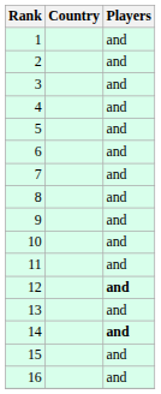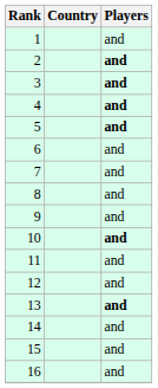 <table class="wikitable">
 <tr>
 <th>Rank</th>
 <th>Country</th>
 <th>Players</th>
 </tr>
 <tr style="background:#d8ffeb;">
 <td align=right>1</td>
 <td></td>
 <td> and </td>
 </tr>
 <tr style="background:#d8ffeb;">
 <td align=right>2</td>
 <td></td>
-<td> and </td>
+<td><strong> and </strong></td>
 </tr>
 <tr style="background:#d8ffeb;">
 <td align=right>3</td>
 <td></td>
-<td> and </td>
+<td><strong> and </strong></td>
 </tr>
 <tr style="background:#d8ffeb;">
 <td align=right>4</td>
 <td></td>
-<td> and </td>
+<td><strong> and </strong></td>
 </tr>
 <tr style="background:#d8ffeb;">
 <td align=right>5</td>
 <td></td>
-<td> and </td>
+<td><strong> and </strong></td>
 </tr>
 <tr style="background:#d8ffeb;">
 <td align=right>6</td>
 <td></td>
 <td> and </td>
 </tr>
 <tr style="background:#d8ffeb;">
 <td align=right>7</td>
 <td></td>
 <td> and </td>
 </tr>
 <tr style="background:#d8ffeb;">
 <td align=right>8</td>
 <td></td>
 <td> and </td>
 </tr>
 <tr style="background:#d8ffeb;">
 <td align=right>9</td>
 <td></td>
 <td> and </td>
 </tr>
 <tr style="background:#d8ffeb;">
 <td align=right>10</td>
 <td></td>
-<td> and </td>
+<td><strong> and </strong></td>
 </tr>
 <tr style="background:#d8ffeb;">
 <td align=right>11</td>
 <td></td>
 <td> and </td>
 </tr>
 <tr style="background:#d8ffeb;">
 <td align=right>12</td>
 <td></td>
-<td><strong> and </strong></td>
+<td> and </td>
 </tr>
 <tr style="background:#d8ffeb;">
 <td align=right>13</td>
 <td></td>
-<td> and </td>
+<td><strong> and </strong></td>
 </tr>
 <tr style="background:#d8ffeb;">
 <td align=right>14</td>
 <td></td>
-<td><strong> and </strong></td>
+<td> and </td>
 </tr>
 <tr style="background:#d8ffeb;">
 <td align=right>15</td>
 <td></td>
 <td> and </td>
 </tr>
 <tr style="background:#d8ffeb;">
 <td align=right>16</td>
 <td></td>
 <td> and </td>
 </tr>
 <tr>
 </tr>
 </table>
